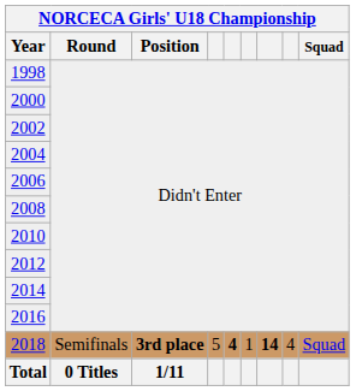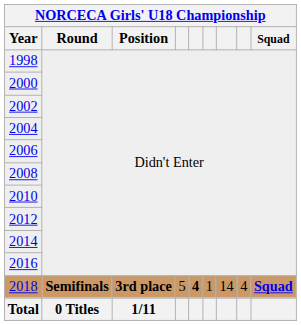 <table class="wikitable" style="text-align: center;">
 <tr>
 <th colspan=9><a href='#'>NORCECA Girls' U18 Championship</a></th>
 </tr>
 <tr>
 <th>Year</th>
 <th>Round</th>
 <th>Position</th>
 <th></th>
 <th></th>
 <th></th>
 <th></th>
 <th></th>
 <th><small>Squad</small></th>
 </tr>
 <tr bgcolor="efefef">
 <td> <a href='#'>1998</a></td>
 <td colspan=9 rowspan=10>Didn't Enter</td>
 </tr>
 <tr bgcolor="efefef">
 <td> <a href='#'>2000</a></td>
 </tr>
 <tr bgcolor="efefef">
 <td> <a href='#'>2002</a></td>
 </tr>
 <tr bgcolor="efefef">
 <td> <a href='#'>2004</a></td>
 </tr>
 <tr bgcolor="efefef">
 <td> <a href='#'>2006</a></td>
 </tr>
 <tr bgcolor="efefef">
 <td> <a href='#'>2008</a></td>
 </tr>
 <tr bgcolor="efefef">
 <td> <a href='#'>2010</a></td>
 </tr>
 <tr bgcolor="efefef">
 <td> <a href='#'>2012</a></td>
 </tr>
 <tr bgcolor="efefef">
 <td> <a href='#'>2014</a></td>
 </tr>
 <tr bgcolor="efefef">
 <td> <a href='#'>2016</a></td>
 </tr>
 <tr bgcolor="cc9966">
 <td> <a href='#'>2018</a></td>
-<td>Semifinals</td>
+<td><strong>Semifinals</strong></td>
 <td><strong>3rd place</strong></td>
 <td>5</td>
 <td><strong>4</strong></td>
 <td>1</td>
-<td><strong>14</strong></td>
+<td>14</td>
 <td>4</td>
-<td><a href='#'>Squad</a></td>
+<td><strong><a href='#'>Squad</a></strong></td>
 </tr>
 <tr>
 <th>Total</th>
 <th>0 Titles</th>
 <th>1/11</th>
 <th></th>
 <th></th>
 <th></th>
 <th></th>
 <th></th>
 <th></th>
 </tr>
 </table>
